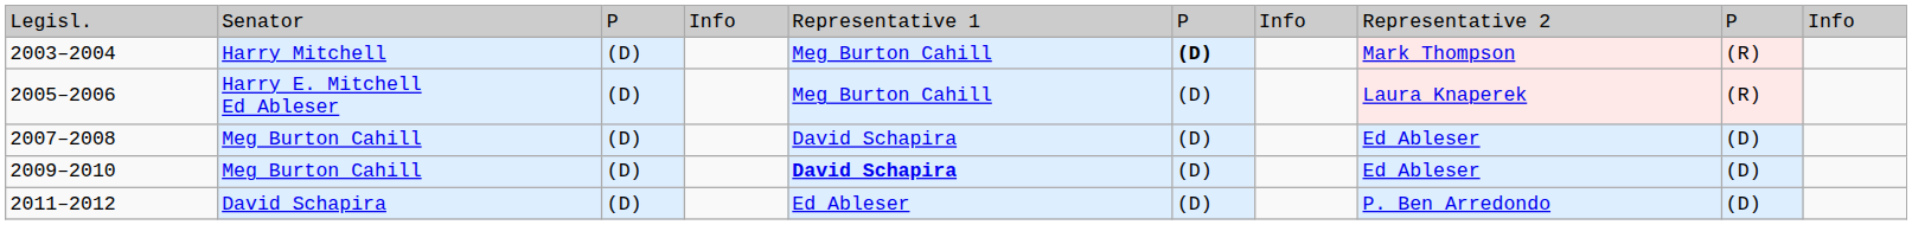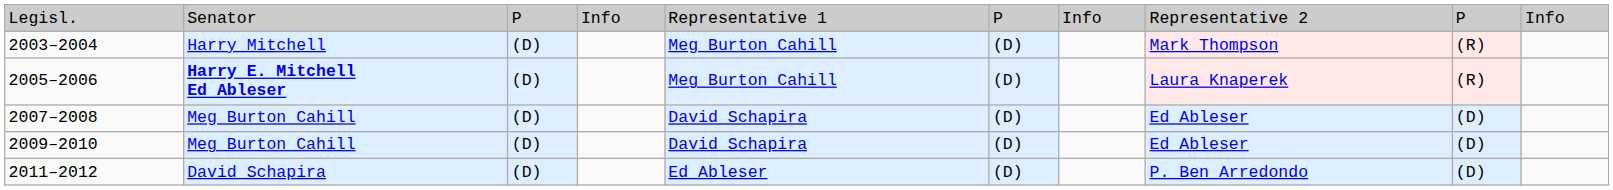 <table class=wikitable width="100%" border="1">
 <tr style="background-color:#cccccc;">
 <td>Legisl.</td>
 <td>Senator</td>
 <td>P</td>
 <td>Info</td>
 <td>Representative 1</td>
 <td>P</td>
 <td>Info</td>
 <td>Representative 2</td>
 <td>P</td>
 <td>Info</td>
 </tr>
 <tr>
 <td>2003–2004</td>
 <td style="background:#DDEEFF"><a href='#'>Harry Mitchell</a></td>
 <td style="background:#DDEEFF">(D)</td>
 <td></td>
 <td style="background:#DDEEFF"><a href='#'>Meg Burton Cahill</a></td>
-<td style="background:#DDEEFF"><strong>(D)</strong></td>
+<td style="background:#DDEEFF">(D)</td>
 <td></td>
 <td style="background:#FFE8E8"><a href='#'>Mark Thompson</a></td>
 <td style="background:#FFE8E8">(R)</td>
 <td></td>
 </tr>
 <tr>
 <td>2005–2006</td>
-<td style="background:#DDEEFF"><a href='#'>Harry E. Mitchell</a> <br> <a href='#'>Ed Ableser</a></td>
+<td style="background:#DDEEFF"><strong><a href='#'>Harry E. Mitchell</a> <br> <a href='#'>Ed Ableser</a></strong></td>
 <td style="background:#DDEEFF">(D)</td>
 <td></td>
 <td style="background:#DDEEFF"><a href='#'>Meg Burton Cahill</a></td>
 <td style="background:#DDEEFF">(D)</td>
 <td></td>
 <td style="background:#FFE8E8"><a href='#'>Laura Knaperek</a></td>
 <td style="background:#FFE8E8">(R)</td>
 <td></td>
 </tr>
 <tr>
 <td>2007–2008</td>
 <td style="background:#DDEEFF"><a href='#'>Meg Burton Cahill</a></td>
 <td style="background:#DDEEFF">(D)</td>
 <td></td>
 <td style="background:#DDEEFF"><a href='#'>David Schapira</a></td>
 <td style="background:#DDEEFF">(D)</td>
 <td></td>
 <td style="background:#DDEEFF"><a href='#'>Ed Ableser</a></td>
 <td style="background:#DDEEFF">(D)</td>
 <td></td>
 </tr>
 <tr>
 <td>2009–2010</td>
 <td style="background:#DDEEFF"><a href='#'>Meg Burton Cahill</a></td>
 <td style="background:#DDEEFF">(D)</td>
 <td></td>
-<td style="background:#DDEEFF"><strong><a href='#'>David Schapira</a></strong></td>
+<td style="background:#DDEEFF"><a href='#'>David Schapira</a></td>
 <td style="background:#DDEEFF">(D)</td>
 <td></td>
 <td style="background:#DDEEFF"><a href='#'>Ed Ableser</a></td>
 <td style="background:#DDEEFF">(D)</td>
 <td></td>
 </tr>
 <tr>
 <td>2011–2012</td>
 <td style="background:#DDEEFF"><a href='#'>David Schapira</a></td>
 <td style="background:#DDEEFF">(D)</td>
 <td></td>
 <td style="background:#DDEEFF"><a href='#'>Ed Ableser</a></td>
 <td style="background:#DDEEFF">(D)</td>
 <td></td>
 <td style="background:#DDEEFF"><a href='#'>P. Ben Arredondo</a></td>
 <td style="background:#DDEEFF">(D)</td>
 <td></td>
 </tr>
 </table>
